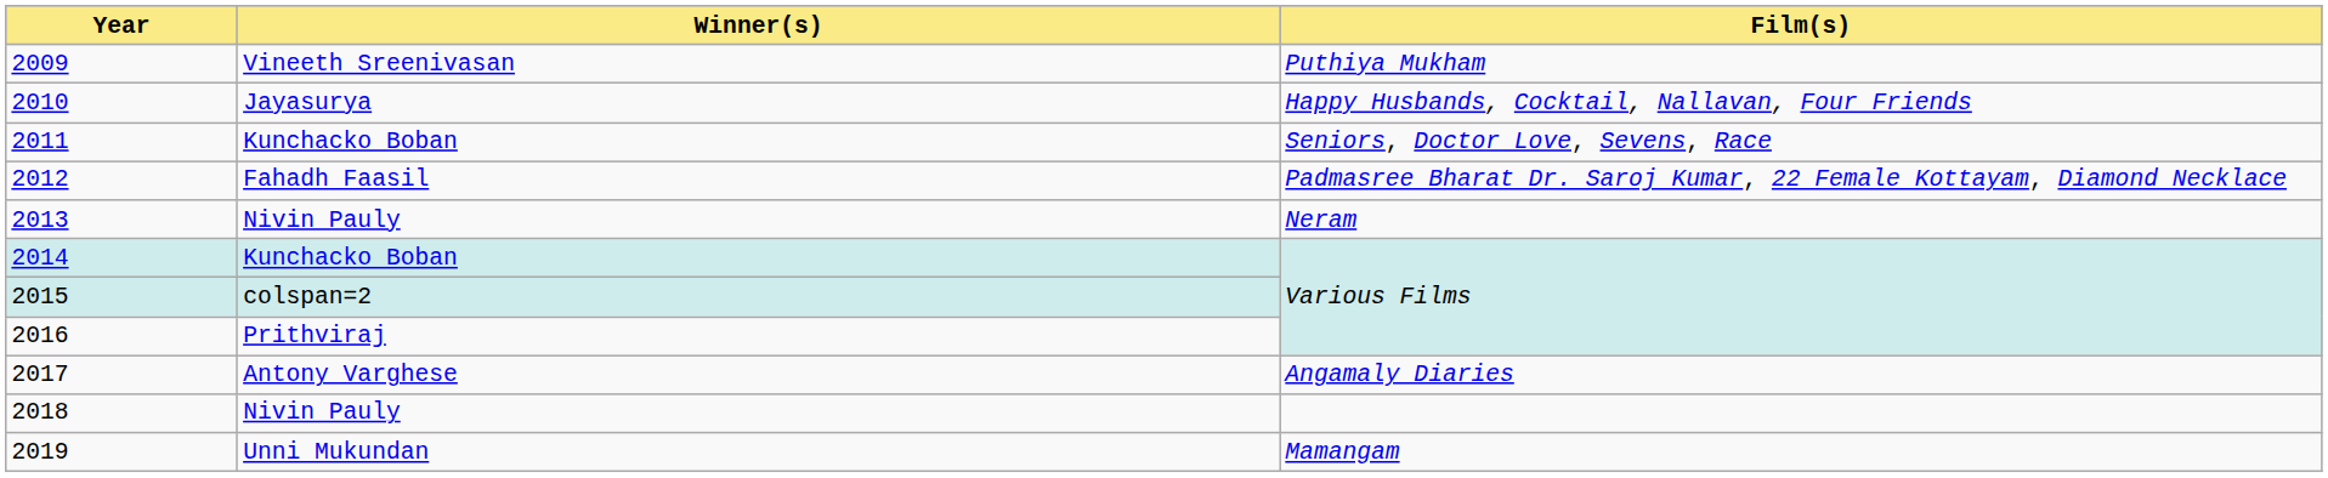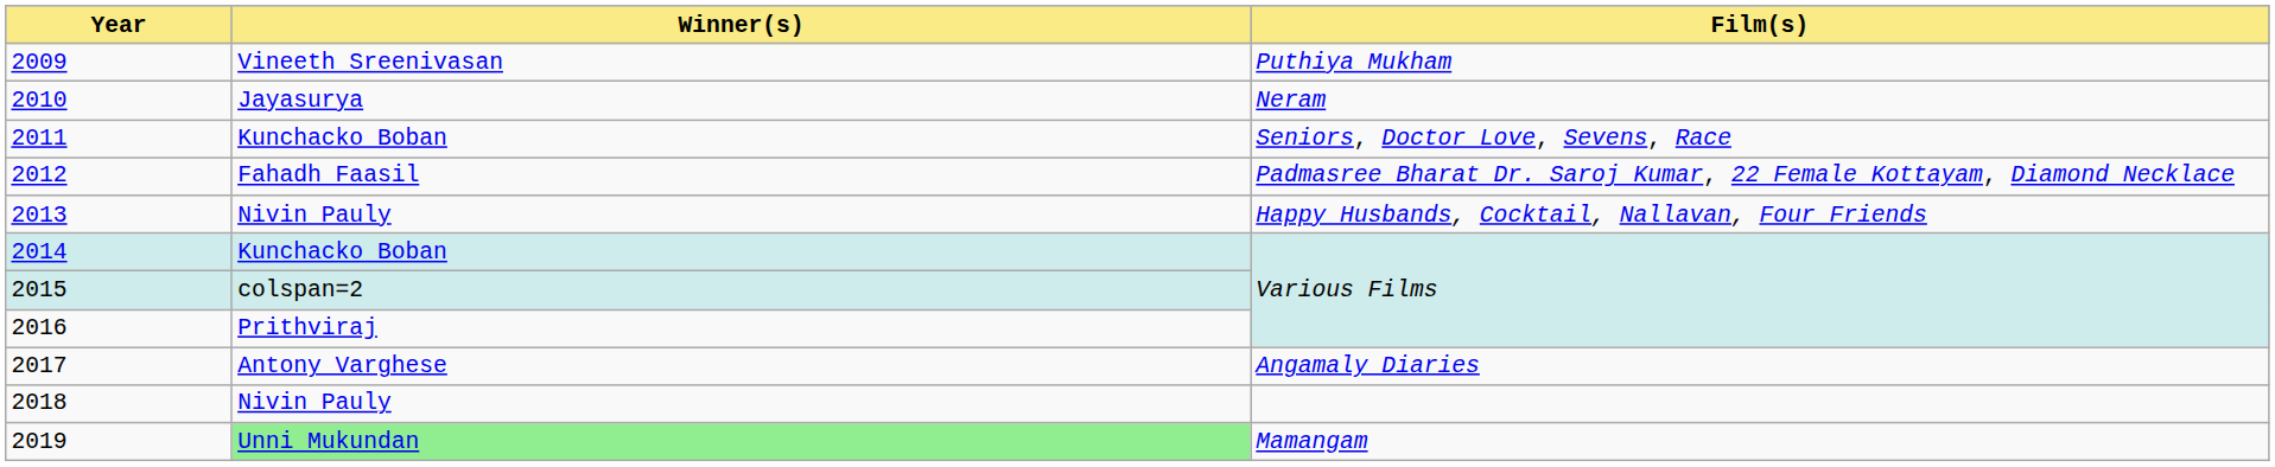 <table class="wikitable" style="width:100%">
 <tr bgcolor="#bebebe">
 <th width="10%" style="background:#FAEB86">Year</th>
 <th width="45%" style="background:#FAEB86">Winner(s)</th>
 <th width="45%" style="background:#FAEB86">Film(s)</th>
 </tr>
 <tr>
 <td><a href='#'>2009</a></td>
 <td><a href='#'>Vineeth Sreenivasan</a></td>
 <td><em><a href='#'>Puthiya Mukham</a></em></td>
 </tr>
 <tr>
 <td><a href='#'>2010</a></td>
 <td><a href='#'>Jayasurya</a></td>
-<td><em><a href='#'>Happy Husbands</a>, <a href='#'>Cocktail</a>, <a href='#'>Nallavan</a>, <a href='#'>Four Friends</a></em></td>
+<td><em><a href='#'>Neram</a></em></td>
 </tr>
 <tr>
 <td><a href='#'>2011</a></td>
 <td><a href='#'>Kunchacko Boban</a></td>
 <td><em><a href='#'>Seniors</a></em>, <em><a href='#'>Doctor Love</a></em>, <em><a href='#'>Sevens</a></em>, <em><a href='#'>Race</a></em></td>
 </tr>
 <tr>
 <td><a href='#'>2012</a></td>
 <td><a href='#'>Fahadh Faasil</a></td>
 <td><em><a href='#'>Padmasree Bharat Dr. Saroj Kumar</a></em>, <em><a href='#'>22 Female Kottayam</a></em>, <em><a href='#'>Diamond Necklace</a></em></td>
 </tr>
 <tr>
 <td><a href='#'>2013</a></td>
 <td><a href='#'>Nivin Pauly</a></td>
-<td><em><a href='#'>Neram</a></em></td>
+<td><em><a href='#'>Happy Husbands</a>, <a href='#'>Cocktail</a>, <a href='#'>Nallavan</a>, <a href='#'>Four Friends</a></em></td>
 </tr>
 <tr bgcolor="#cfecec">
 <td><a href='#'>2014</a></td>
 <td><a href='#'>Kunchacko Boban</a></td>
 <td rowspan="3"><em>Various Films</em></td>
 </tr>
 <tr bgcolor="#cfecec">
 <td>2015</td>
 <td>colspan=2 </td>
 </tr>
 <tr>
 <td>2016</td>
 <td><a href='#'>Prithviraj</a></td>
 </tr>
 <tr>
 <td>2017</td>
 <td><a href='#'>Antony Varghese</a></td>
 <td><em><a href='#'>Angamaly Diaries</a></em></td>
 </tr>
 <tr>
 <td>2018</td>
 <td><a href='#'>Nivin Pauly</a></td>
 </tr>
 <tr>
 <td>2019</td>
-<td><a href='#'>Unni Mukundan</a></td>
+<td style="background: lightgreen;"><a href='#'>Unni Mukundan</a></td>
 <td><em><a href='#'>Mamangam</a></em></td>
 </tr>
 </table>
